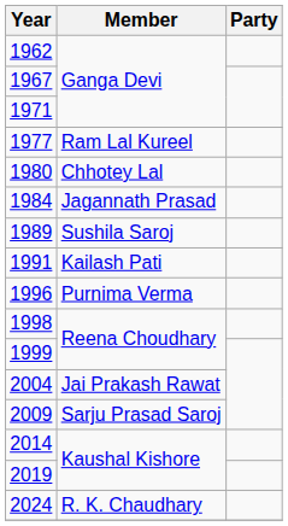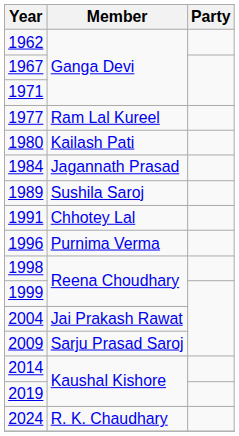 <table class="wikitable sortable">
 <tr>
 <th>Year</th>
 <th>Member</th>
 <th colspan="2">Party</th>
 </tr>
 <tr>
 <td><a href='#'>1962</a></td>
 <td rowspan="3"><a href='#'>Ganga Devi</a></td>
 <td></td>
 </tr>
 <tr>
 <td><a href='#'>1967</a></td>
 </tr>
 <tr>
 <td><a href='#'>1971</a></td>
 </tr>
 <tr>
 <td><a href='#'>1977</a></td>
 <td><a href='#'>Ram Lal Kureel</a></td>
 <td></td>
 </tr>
 <tr>
 <td><a href='#'>1980</a></td>
-<td><a href='#'>Chhotey Lal</a></td>
+<td><a href='#'>Kailash Pati</a></td>
 <td></td>
 </tr>
 <tr>
 <td><a href='#'>1984</a></td>
 <td><a href='#'>Jagannath Prasad</a></td>
 <td></td>
 </tr>
 <tr>
 <td><a href='#'>1989</a></td>
 <td><a href='#'>Sushila Saroj</a></td>
 <td></td>
 </tr>
 <tr>
 <td><a href='#'>1991</a></td>
-<td><a href='#'>Kailash Pati</a></td>
+<td><a href='#'>Chhotey Lal</a></td>
 <td></td>
 </tr>
 <tr>
 <td><a href='#'>1996</a></td>
 <td><a href='#'>Purnima Verma</a></td>
 </tr>
 <tr>
 <td><a href='#'>1998</a></td>
 <td rowspan="2"><a href='#'>Reena Choudhary</a></td>
 <td></td>
 </tr>
 <tr>
 <td><a href='#'>1999</a></td>
 </tr>
 <tr>
 <td><a href='#'>2004</a></td>
 <td><a href='#'>Jai Prakash Rawat</a></td>
 </tr>
 <tr>
 <td><a href='#'>2009</a></td>
 <td><a href='#'>Sarju Prasad Saroj</a></td>
 </tr>
 <tr>
 <td><a href='#'>2014</a></td>
 <td rowspan="2"><a href='#'>Kaushal Kishore</a></td>
 <td></td>
 </tr>
 <tr>
 <td><a href='#'>2019</a></td>
 </tr>
 <tr>
 <td><a href='#'>2024</a></td>
 <td><a href='#'>R. K. Chaudhary</a></td>
 <td></td>
 </tr>
 <tr>
 </tr>
 </table>
